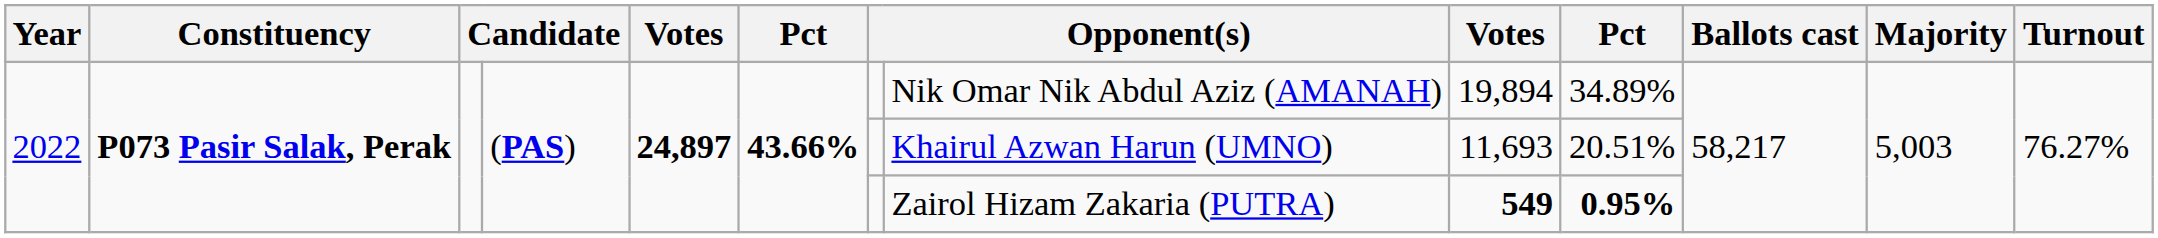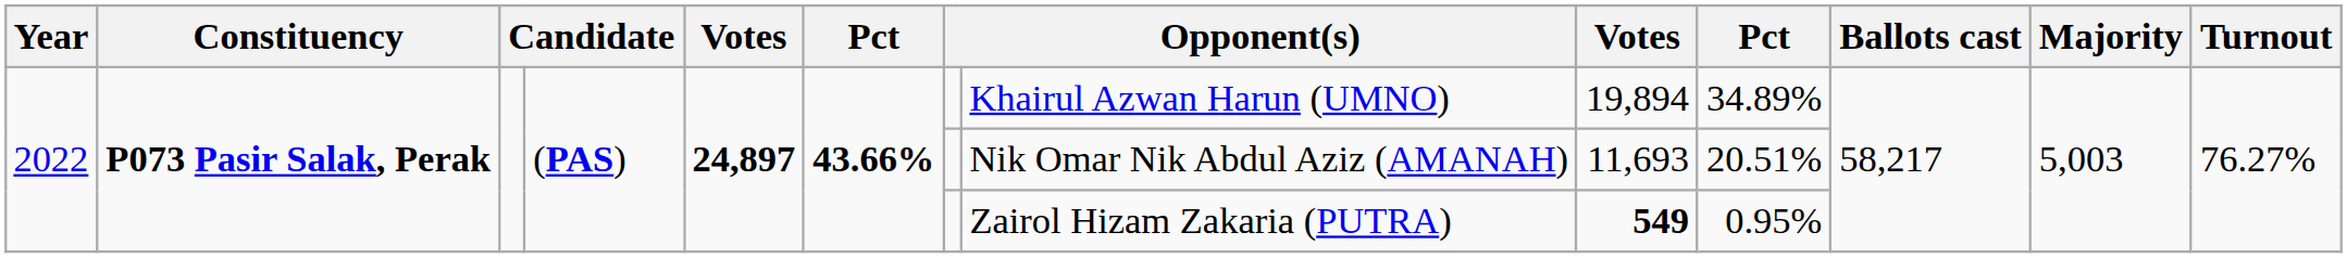 <table class="wikitable" style="margin:0.5em ; font-size:95%">
 <tr>
 <th>Year</th>
 <th>Constituency</th>
 <th colspan=2>Candidate</th>
 <th>Votes</th>
 <th>Pct</th>
 <th colspan=2>Opponent(s)</th>
 <th>Votes</th>
 <th>Pct</th>
 <th>Ballots cast</th>
 <th>Majority</th>
 <th>Turnout</th>
 </tr>
 <tr>
 <td rowspan=3><a href='#'>2022</a></td>
 <td rowspan=3><strong>P073 <a href='#'>Pasir Salak</a>, Perak</strong></td>
 <td rowspan=3 bgcolor=></td>
 <td rowspan=3> (<a href='#'><strong>PAS</strong></a>)</td>
 <td rowspan=3 align=right><strong>24,897</strong></td>
 <td rowspan=3><strong>43.66%</strong></td>
 <td></td>
-<td>Nik Omar Nik Abdul Aziz (<a href='#'>AMANAH</a>)</td>
+<td><a href='#'>Khairul Azwan Harun</a> (<a href='#'>UMNO</a>)</td>
 <td align=right>19,894</td>
 <td>34.89%</td>
 <td rowspan=3>58,217</td>
 <td rowspan=3>5,003</td>
 <td rowspan=3>76.27%</td>
 </tr>
 <tr>
 <td></td>
-<td><a href='#'>Khairul Azwan Harun</a> (<a href='#'>UMNO</a>)</td>
+<td>Nik Omar Nik Abdul Aziz (<a href='#'>AMANAH</a>)</td>
 <td align=right>11,693</td>
 <td>20.51%</td>
 </tr>
 <tr>
 <td bgcolor=></td>
 <td>Zairol Hizam Zakaria (<a href='#'>PUTRA</a>)</td>
 <td align=right><strong>549</strong></td>
-<td align=right><strong>0.95%</strong></td>
+<td align=right>0.95%</td>
 </tr>
 </table>
